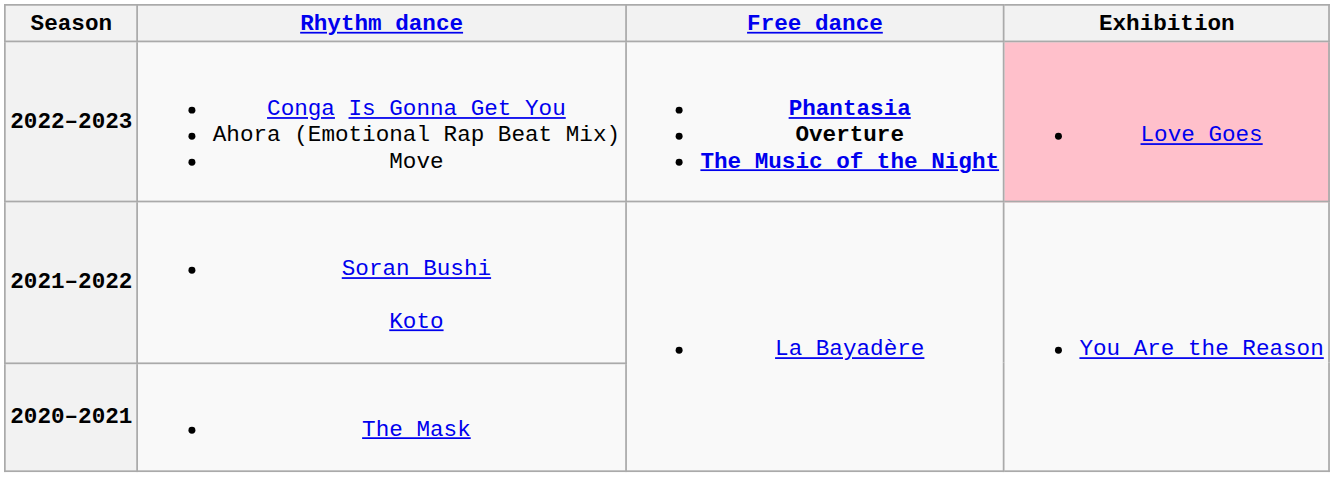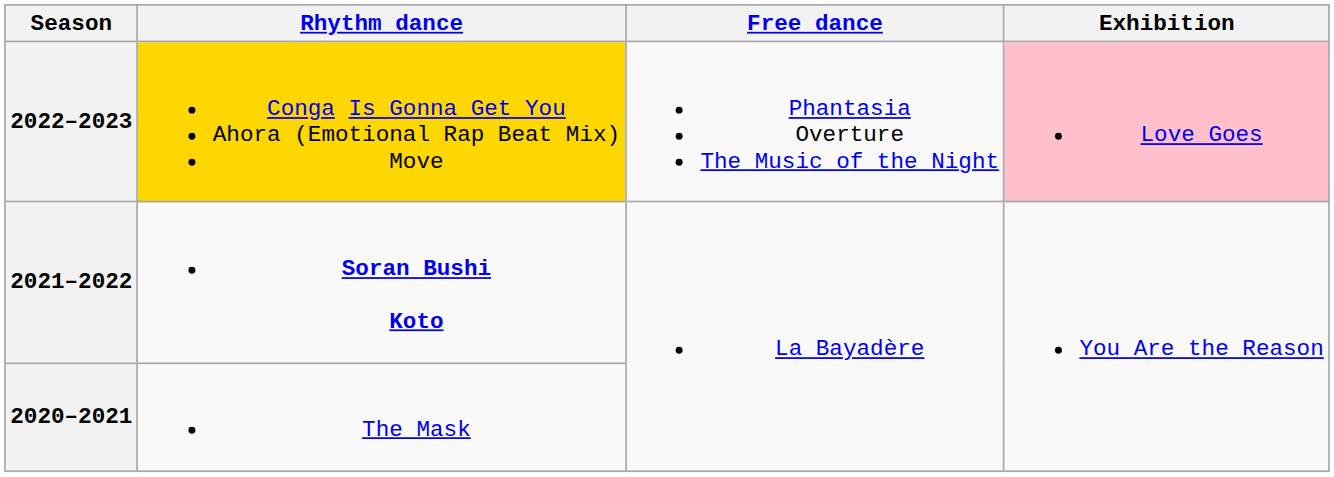 <table class="wikitable" style="text-align:center">
 <tr>
 <th>Season</th>
 <th><a href='#'>Rhythm dance</a></th>
 <th><a href='#'>Free dance</a></th>
 <th>Exhibition</th>
 </tr>
 <tr>
 <th>2022–2023 <br> </th>
-<td><br><ul><li><a href='#'>Conga</a> <a href='#'>Is Gonna Get You</a> <br></li><li>Ahora (Emotional Rap Beat Mix) <br></li><li>Move <br> </li></ul></td>
-<td><strong><br><ul><li><a href='#'>Phantasia</a> <br> </li><li>Overture</li><li><a href='#'>The Music of the Night</a> <br> </li></ul></strong></td>
+<td style="background: gold;"><br><ul><li><a href='#'>Conga</a> <a href='#'>Is Gonna Get You</a> <br></li><li>Ahora (Emotional Rap Beat Mix) <br></li><li>Move <br> </li></ul></td>
+<td><br><ul><li><a href='#'>Phantasia</a> <br> </li><li>Overture</li><li><a href='#'>The Music of the Night</a> <br> </li></ul></td>
 <td style="background: pink;"><br><ul><li><a href='#'>Love Goes</a> <br> </li></ul></td>
 </tr>
 <tr>
 <th>2021–2022 <br> </th>
-<td><br><ul><li><a href='#'>Soran Bushi</a> <br>  <br> <a href='#'>Koto</a> <br></li></ul></td>
+<td><strong><br><ul><li><a href='#'>Soran Bushi</a> <br>  <br> <a href='#'>Koto</a> <br></li></ul></strong></td>
 <td rowspan=2><br><ul><li><a href='#'>La Bayadère</a> <br></li></ul></td>
 <td rowspan=2><br><ul><li><a href='#'>You Are the Reason</a> <br></li></ul></td>
 </tr>
 <tr>
 <th>2020–2021 <br> </th>
 <td><br><ul><li><a href='#'>The Mask</a> <br></li></ul></td>
 </tr>
 </table>
